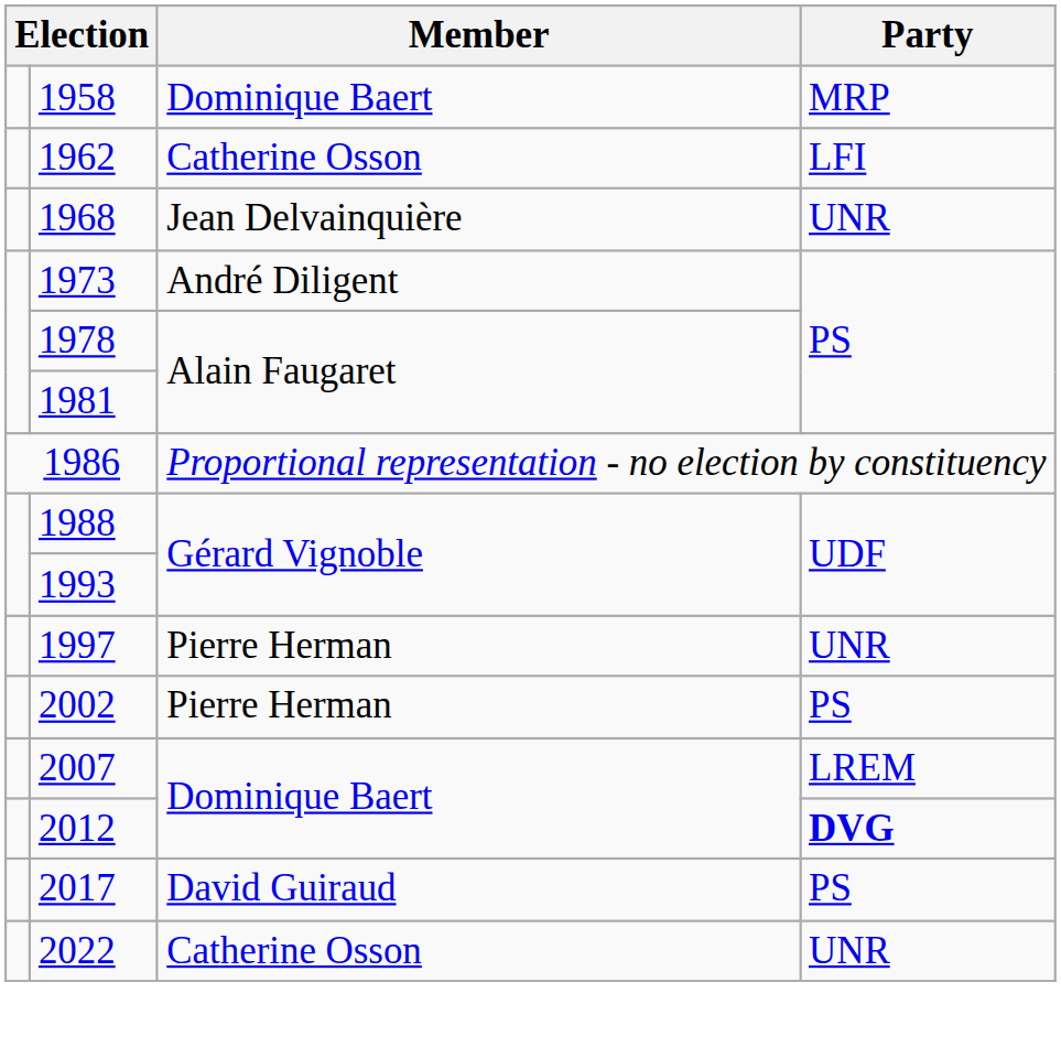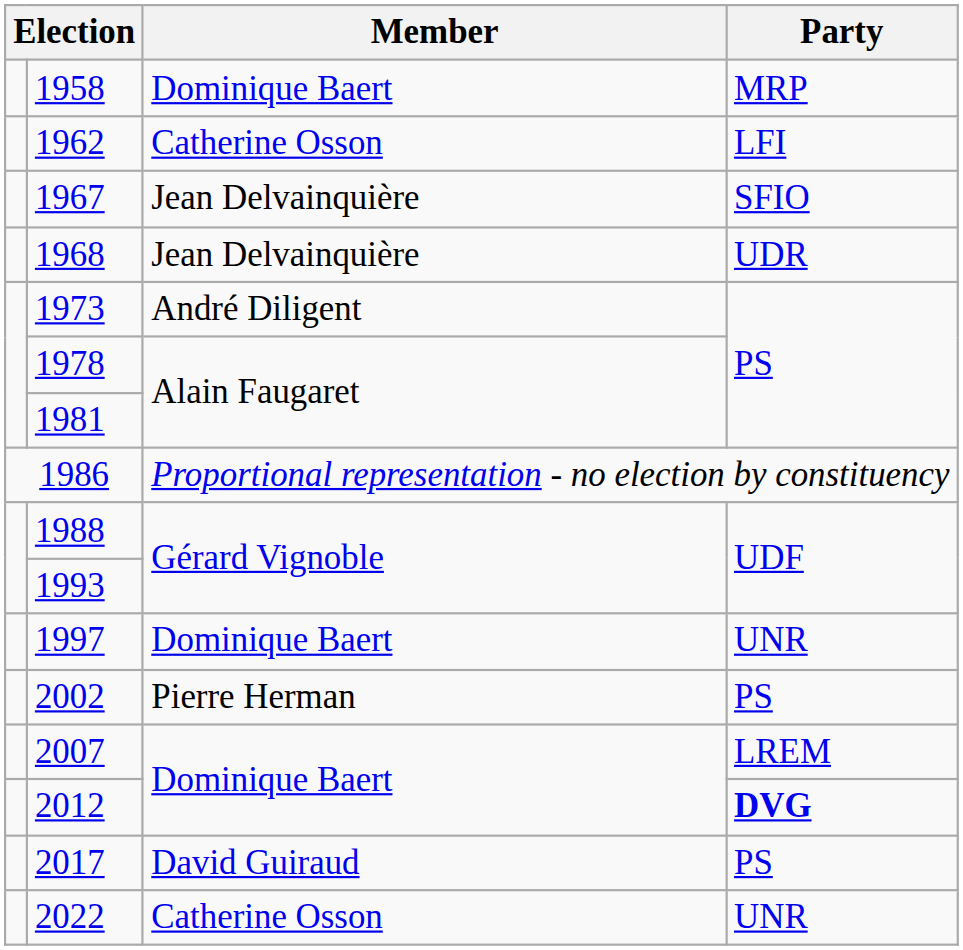 <table class="wikitable">
 <tr>
 <th colspan="2">Election</th>
 <th>Member</th>
 <th>Party</th>
 </tr>
 <tr>
 <td style="color:inherit;background-color: "></td>
 <td><a href='#'>1958</a></td>
 <td><a href='#'>Dominique Baert</a></td>
 <td><a href='#'>MRP</a></td>
 </tr>
 <tr>
 <td style="color:inherit;background-color: "></td>
 <td><a href='#'>1962</a></td>
 <td><a href='#'>Catherine Osson</a></td>
 <td><a href='#'>LFI</a></td>
 </tr>
 <tr>
 <td style="color:inherit;background-color: "></td>
+<td><a href='#'>1967</a></td>
+<td>Jean Delvainquière</td>
+<td><a href='#'>SFIO</a></td>
+</tr>
+<tr>
+<td style="color:inherit;background-color: "></td>
 <td><a href='#'>1968</a></td>
 <td>Jean Delvainquière</td>
-<td><a href='#'>UNR</a></td>
+<td><a href='#'>UDR</a></td>
 </tr>
 <tr>
 <td rowspan="3" style="color:inherit;background-color: "></td>
 <td><a href='#'>1973</a></td>
 <td>André Diligent</td>
 <td rowspan="3"><a href='#'>PS</a></td>
 </tr>
 <tr>
 <td><a href='#'>1978</a></td>
 <td rowspan="2">Alain Faugaret</td>
 </tr>
 <tr>
 <td><a href='#'>1981</a></td>
 </tr>
 <tr>
 <td colspan="2" align="center"><a href='#'>1986</a></td>
 <td colspan="2"><em><a href='#'>Proportional representation</a> - no election by constituency</em></td>
 </tr>
 <tr>
 <td rowspan="2" style="color:inherit;background-color: "></td>
 <td><a href='#'>1988</a></td>
 <td rowspan="2"><a href='#'>Gérard Vignoble</a></td>
 <td rowspan="2"><a href='#'>UDF</a></td>
 </tr>
 <tr>
 <td><a href='#'>1993</a></td>
 </tr>
 <tr>
 <td style="color:inherit;background-color: "></td>
 <td><a href='#'>1997</a></td>
-<td>Pierre Herman</td>
+<td><a href='#'>Dominique Baert</a></td>
 <td><a href='#'>UNR</a></td>
 </tr>
 <tr>
 <td style="color:inherit;background-color: "></td>
 <td><a href='#'>2002</a></td>
 <td>Pierre Herman</td>
 <td><a href='#'>PS</a></td>
 </tr>
 <tr>
 <td style="color:inherit;background-color: "></td>
 <td><a href='#'>2007</a></td>
 <td rowspan="2"><a href='#'>Dominique Baert</a></td>
 <td><a href='#'>LREM</a></td>
 </tr>
 <tr>
 <td style="color:inherit;background-color: "></td>
 <td><a href='#'>2012</a></td>
 <td><strong><a href='#'>DVG</a></strong></td>
 </tr>
 <tr>
 <td style="color:inherit;background-color: "></td>
 <td><a href='#'>2017</a></td>
 <td><a href='#'>David Guiraud</a></td>
 <td><a href='#'>PS</a></td>
 </tr>
 <tr>
 <td style="color:inherit;background-color: "></td>
 <td><a href='#'>2022</a></td>
 <td><a href='#'>Catherine Osson</a></td>
 <td><a href='#'>UNR</a></td>
 </tr>
 </table>
